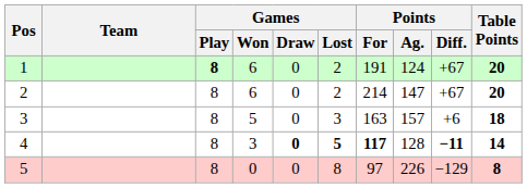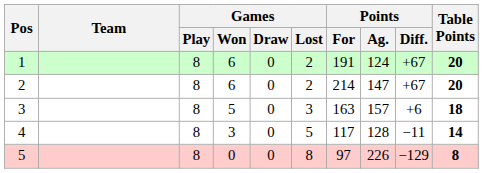 <table class="wikitable">
 <tr>
 <th rowspan=2 width=30>Pos</th>
 <th rowspan=2 width=145>Team</th>
 <th colspan=4 width=120>Games</th>
 <th colspan=3 width=90>Points</th>
 <th rowspan=2 width=30>Table <br>Points</th>
 </tr>
 <tr>
 <th width=30>Play</th>
 <th width=30>Won</th>
 <th width=30>Draw</th>
 <th width=30>Lost</th>
 <th width=30>For</th>
 <th width=30>Ag.</th>
 <th width=30>Diff.</th>
 </tr>
 <tr bgcolor=#ccffcc align=center>
 <td>1</td>
 <td align=left></td>
-<td><strong>8</strong></td>
+<td>8</td>
 <td>6</td>
 <td>0</td>
 <td>2</td>
 <td>191</td>
 <td>124</td>
 <td>+67</td>
 <td><strong>20</strong></td>
 </tr>
 <tr bgcolor=#ffffff align=center>
 <td>2</td>
 <td align=left></td>
 <td>8</td>
 <td>6</td>
 <td>0</td>
 <td>2</td>
 <td>214</td>
 <td>147</td>
 <td>+67</td>
 <td><strong>20</strong></td>
 </tr>
 <tr bgcolor=#ffffff align=center>
 <td>3</td>
 <td align=left></td>
 <td>8</td>
 <td>5</td>
 <td>0</td>
 <td>3</td>
 <td>163</td>
 <td>157</td>
 <td>+6</td>
 <td><strong>18</strong></td>
 </tr>
 <tr bgcolor=#ffffff align=center>
 <td>4</td>
 <td align=left></td>
 <td>8</td>
 <td>3</td>
-<td><strong>0</strong></td>
-<td><strong>5</strong></td>
-<td><strong>117</strong></td>
+<td>0</td>
+<td>5</td>
+<td>117</td>
 <td>128</td>
-<td><strong>−11</strong></td>
+<td>−11</td>
 <td><strong>14</strong></td>
 </tr>
 <tr bgcolor=#ffcccc align=center>
 <td>5</td>
 <td align=left></td>
 <td>8</td>
 <td>0</td>
 <td>0</td>
 <td>8</td>
 <td>97</td>
 <td>226</td>
 <td>−129</td>
 <td><strong>8</strong></td>
 </tr>
 </table>
